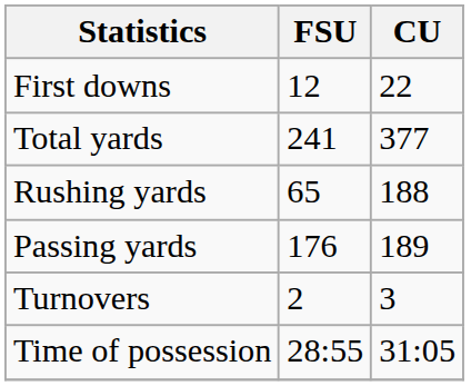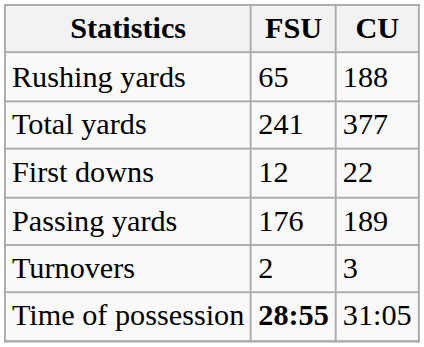 <table class="wikitable">
 <tr>
 <th>Statistics</th>
 <th>FSU</th>
 <th>CU</th>
 </tr>
 <tr>
-<td>First downs</td>
-<td>12</td>
-<td>22</td>
+<td>Rushing yards</td>
+<td>65</td>
+<td>188</td>
 </tr>
 <tr>
 <td>Total yards</td>
 <td>241</td>
 <td>377</td>
 </tr>
 <tr>
-<td>Rushing yards</td>
-<td>65</td>
-<td>188</td>
+<td>First downs</td>
+<td>12</td>
+<td>22</td>
 </tr>
 <tr>
 <td>Passing yards</td>
 <td>176</td>
 <td>189</td>
 </tr>
 <tr>
 <td>Turnovers</td>
 <td>2</td>
 <td>3</td>
 </tr>
 <tr>
 <td>Time of possession</td>
-<td>28:55</td>
+<td><strong>28:55</strong></td>
 <td>31:05</td>
 </tr>
 <tr>
 </tr>
 </table>
